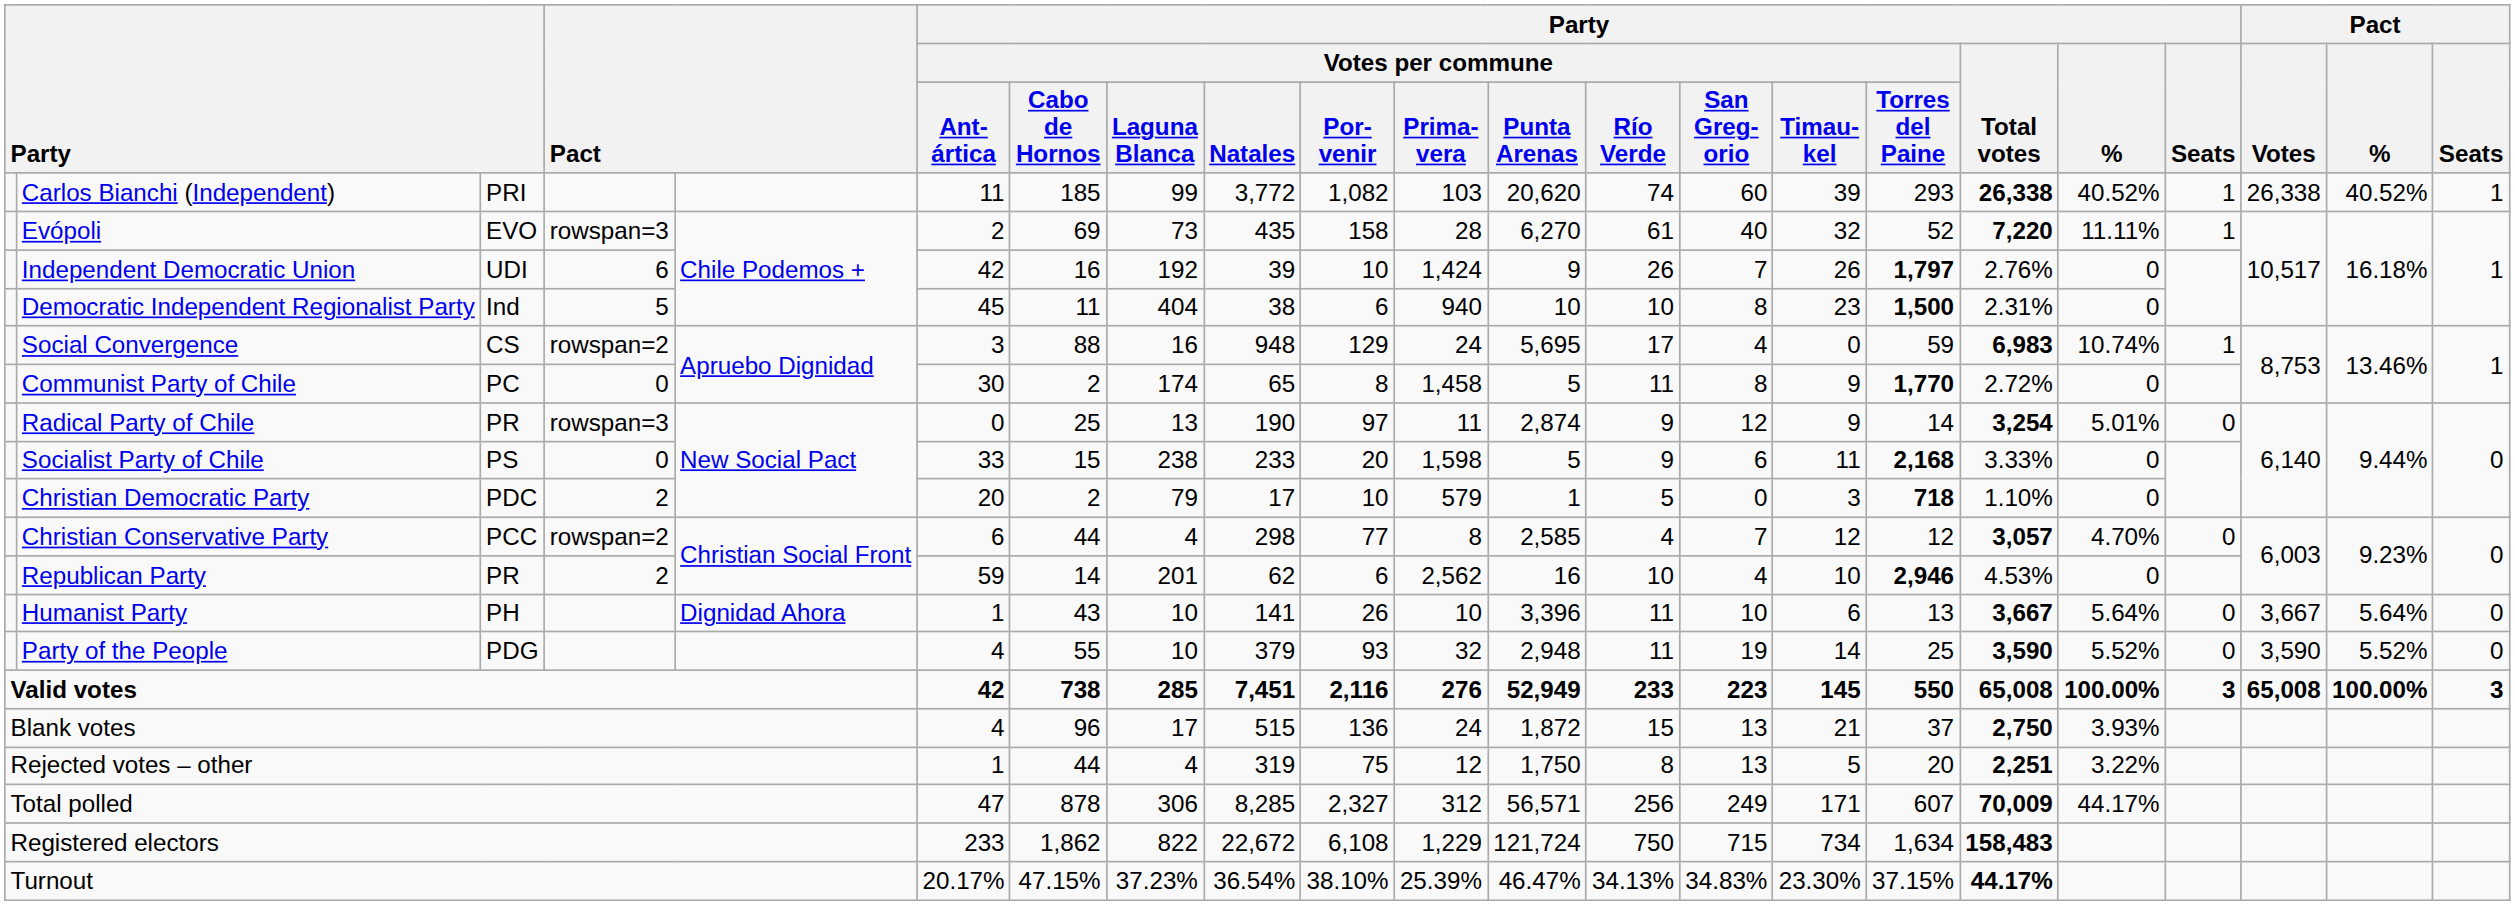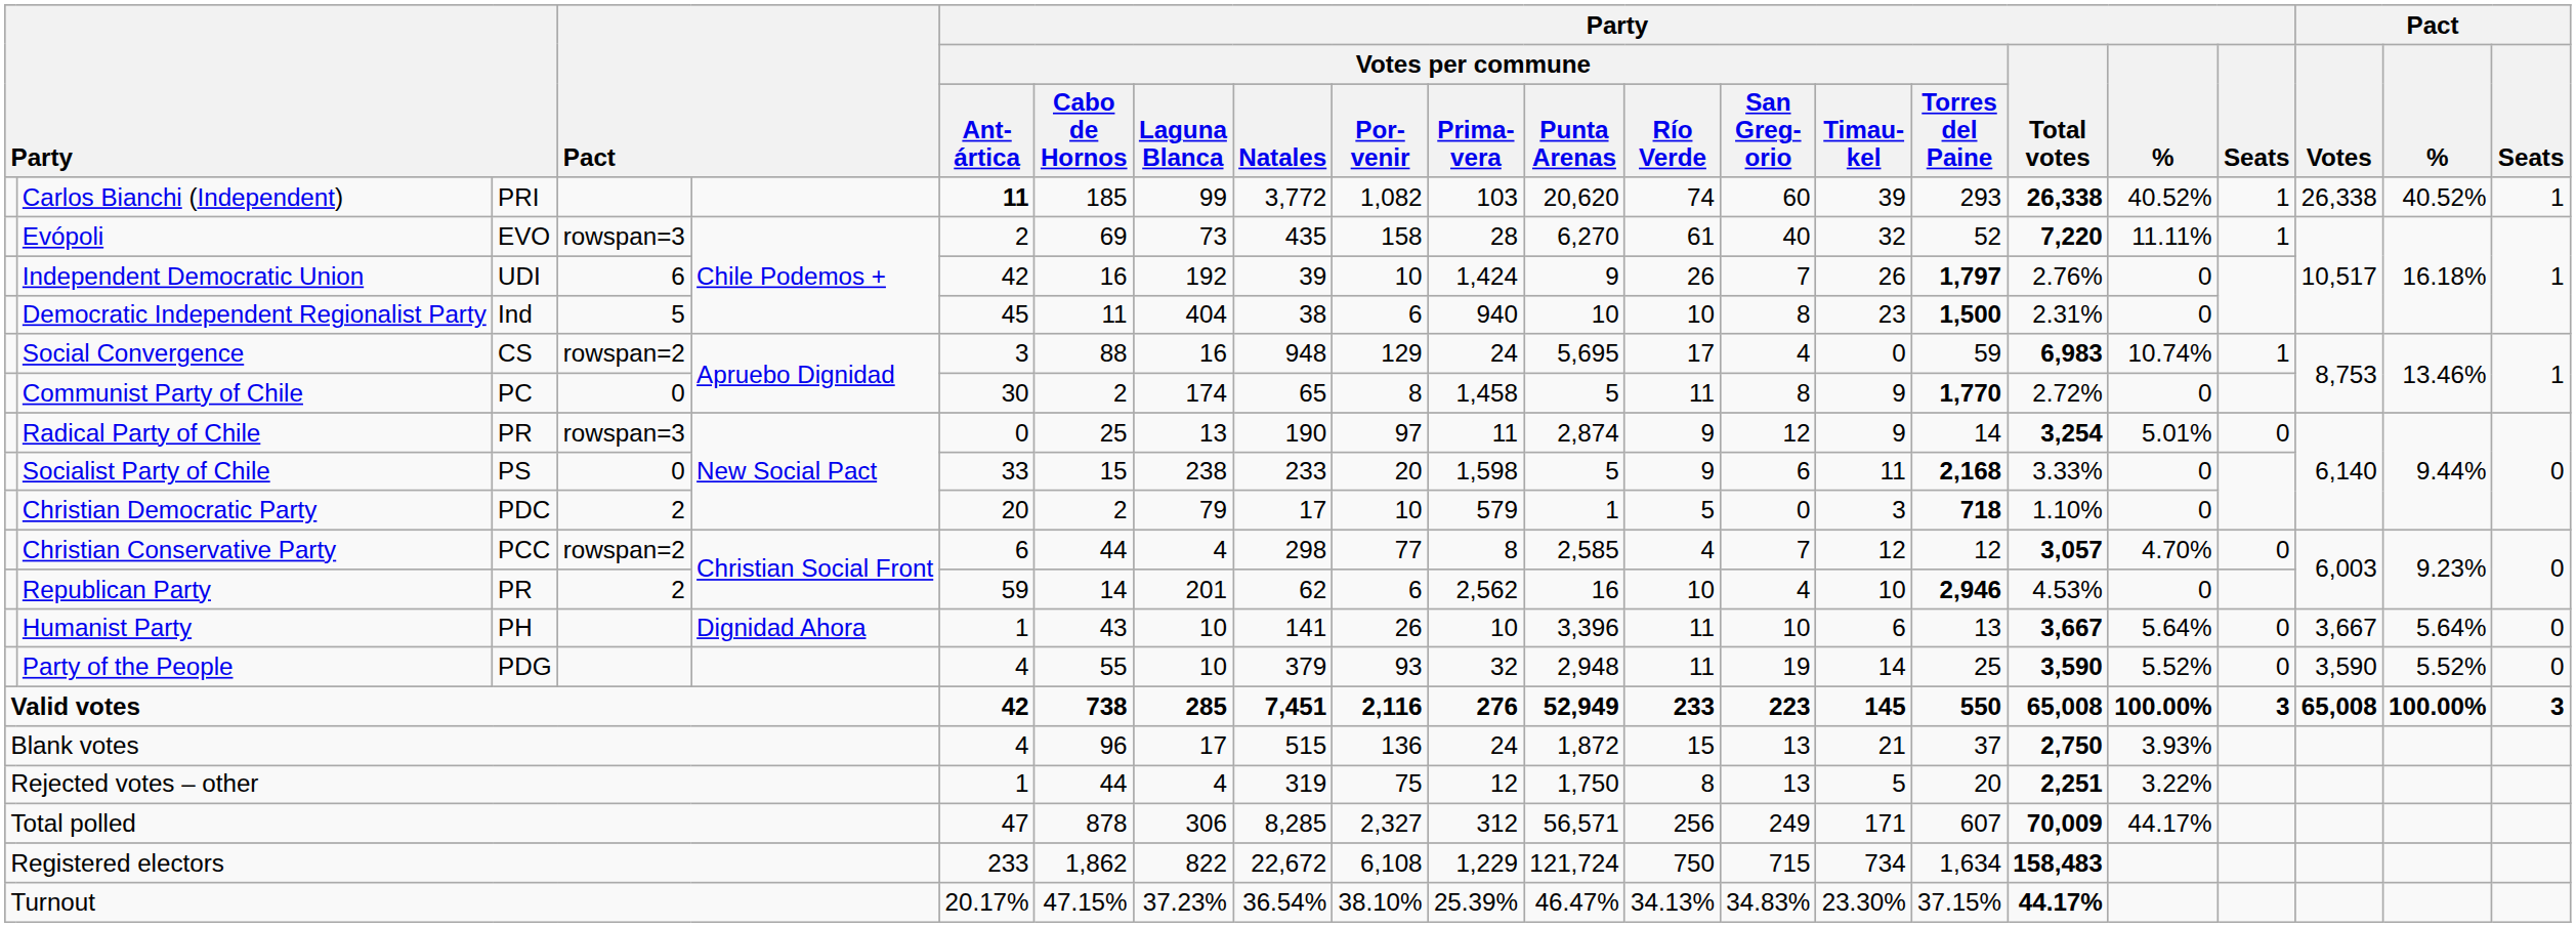 <table class="wikitable" border="1" style="font-size:90%; text-align:right; white-space: nowrap;">
 <tr>
 <th style="text-align:left;" valign=bottom rowspan=3 colspan=3>Party</th>
 <th style="text-align:left;" valign=bottom rowspan=3 colspan=2>Pact</th>
 <th colspan=14>Party</th>
 <th colspan=3>Pact</th>
 </tr>
 <tr>
 <th colspan=11>Votes per commune</th>
 <th align=center valign=bottom rowspan=2 width="40">Total<br>votes</th>
 <th align=center valign=bottom rowspan=2 width="40">%</th>
 <th align=center valign=bottom rowspan=2>Seats</th>
 <th align=center valign=bottom rowspan=2 width="40">Votes</th>
 <th align=center valign=bottom rowspan=2 width="40">%</th>
 <th align=center valign=bottom rowspan=2>Seats</th>
 </tr>
 <tr>
 <th align=center valign=bottom width="40"><a href='#'>Ant-<br>ártica</a></th>
 <th align=center valign=bottom width="40"><a href='#'>Cabo<br>de<br>Hornos</a></th>
 <th align=center valign=bottom width="40"><a href='#'>Laguna<br>Blanca</a></th>
 <th align=center valign=bottom width="40"><a href='#'>Natales</a></th>
 <th align=center valign=bottom width="40"><a href='#'>Por-<br>venir</a></th>
 <th align=center valign=bottom width="40"><a href='#'>Prima-<br>vera</a></th>
 <th align=center valign=bottom width="40"><a href='#'>Punta<br>Arenas</a></th>
 <th align=center valign=bottom width="40"><a href='#'>Río<br>Verde</a></th>
 <th align=center valign=bottom width="40"><a href='#'>San<br>Greg-<br>orio</a></th>
 <th align=center valign=bottom width="40"><a href='#'>Timau-<br>kel</a></th>
 <th align=center valign=bottom width="40"><a href='#'>Torres<br>del<br>Paine</a></th>
 </tr>
 <tr>
 <td></td>
 <td align=left><a href='#'>Carlos Bianchi</a> (<a href='#'>Independent</a>)</td>
 <td align=left>PRI</td>
 <td></td>
 <td></td>
-<td>11</td>
+<td><strong>11</strong></td>
 <td>185</td>
 <td>99</td>
 <td>3,772</td>
 <td>1,082</td>
 <td>103</td>
 <td>20,620</td>
 <td>74</td>
 <td>60</td>
 <td>39</td>
 <td>293</td>
 <td><strong>26,338</strong></td>
 <td>40.52%</td>
 <td>1</td>
 <td>26,338</td>
 <td>40.52%</td>
 <td>1</td>
 </tr>
 <tr>
 <td></td>
 <td align=left><a href='#'>Evópoli</a></td>
 <td align=left>EVO</td>
 <td>rowspan=3 </td>
 <td rowspan=3 align=left><a href='#'>Chile Podemos +</a></td>
 <td>2</td>
 <td>69</td>
 <td>73</td>
 <td>435</td>
 <td>158</td>
 <td>28</td>
 <td>6,270</td>
 <td>61</td>
 <td>40</td>
 <td>32</td>
 <td>52</td>
 <td><strong>7,220</strong></td>
 <td>11.11%</td>
 <td>1</td>
 <td rowspan=3>10,517</td>
 <td rowspan=3>16.18%</td>
 <td rowspan=3>1</td>
 </tr>
 <tr>
 <td></td>
 <td align=left><a href='#'>Independent Democratic Union</a></td>
 <td align=left>UDI</td>
 <td>6</td>
 <td>42</td>
 <td>16</td>
 <td>192</td>
 <td>39</td>
 <td>10</td>
 <td>1,424</td>
 <td>9</td>
 <td>26</td>
 <td>7</td>
 <td>26</td>
 <td><strong>1,797</strong></td>
 <td>2.76%</td>
 <td>0</td>
 </tr>
 <tr>
 <td></td>
 <td align=left><a href='#'>Democratic Independent Regionalist Party</a></td>
 <td align=left>Ind</td>
 <td>5</td>
 <td>45</td>
 <td>11</td>
 <td>404</td>
 <td>38</td>
 <td>6</td>
 <td>940</td>
 <td>10</td>
 <td>10</td>
 <td>8</td>
 <td>23</td>
 <td><strong>1,500</strong></td>
 <td>2.31%</td>
 <td>0</td>
 </tr>
 <tr>
 <td></td>
 <td align=left><a href='#'>Social Convergence</a></td>
 <td align=left>CS</td>
 <td>rowspan=2 </td>
 <td rowspan=2 align=left><a href='#'>Apruebo Dignidad</a></td>
 <td>3</td>
 <td>88</td>
 <td>16</td>
 <td>948</td>
 <td>129</td>
 <td>24</td>
 <td>5,695</td>
 <td>17</td>
 <td>4</td>
 <td>0</td>
 <td>59</td>
 <td><strong>6,983</strong></td>
 <td>10.74%</td>
 <td>1</td>
 <td rowspan=2>8,753</td>
 <td rowspan=2>13.46%</td>
 <td rowspan=2>1</td>
 </tr>
 <tr>
 <td></td>
 <td align=left><a href='#'>Communist Party of Chile</a></td>
 <td align=left>PC</td>
 <td>0</td>
 <td>30</td>
 <td>2</td>
 <td>174</td>
 <td>65</td>
 <td>8</td>
 <td>1,458</td>
 <td>5</td>
 <td>11</td>
 <td>8</td>
 <td>9</td>
 <td><strong>1,770</strong></td>
 <td>2.72%</td>
 <td>0</td>
 </tr>
 <tr>
 <td></td>
 <td align=left><a href='#'>Radical Party of Chile</a></td>
 <td align=left>PR</td>
 <td>rowspan=3 </td>
 <td rowspan=3 align=left><a href='#'>New Social Pact</a></td>
 <td>0</td>
 <td>25</td>
 <td>13</td>
 <td>190</td>
 <td>97</td>
 <td>11</td>
 <td>2,874</td>
 <td>9</td>
 <td>12</td>
 <td>9</td>
 <td>14</td>
 <td><strong>3,254</strong></td>
 <td>5.01%</td>
 <td>0</td>
 <td rowspan=3>6,140</td>
 <td rowspan=3>9.44%</td>
 <td rowspan=3>0</td>
 </tr>
 <tr>
 <td></td>
 <td align=left><a href='#'>Socialist Party of Chile</a></td>
 <td align=left>PS</td>
 <td>0</td>
 <td>33</td>
 <td>15</td>
 <td>238</td>
 <td>233</td>
 <td>20</td>
 <td>1,598</td>
 <td>5</td>
 <td>9</td>
 <td>6</td>
 <td>11</td>
 <td><strong>2,168</strong></td>
 <td>3.33%</td>
 <td>0</td>
 </tr>
 <tr>
 <td></td>
 <td align=left><a href='#'>Christian Democratic Party</a></td>
 <td align=left>PDC</td>
 <td>2</td>
 <td>20</td>
 <td>2</td>
 <td>79</td>
 <td>17</td>
 <td>10</td>
 <td>579</td>
 <td>1</td>
 <td>5</td>
 <td>0</td>
 <td>3</td>
 <td><strong>718</strong></td>
 <td>1.10%</td>
 <td>0</td>
 </tr>
 <tr>
 <td></td>
 <td align=left><a href='#'>Christian Conservative Party</a></td>
 <td align=left>PCC</td>
 <td>rowspan=2 </td>
 <td rowspan=2 align=left><a href='#'>Christian Social Front</a></td>
 <td>6</td>
 <td>44</td>
 <td>4</td>
 <td>298</td>
 <td>77</td>
 <td>8</td>
 <td>2,585</td>
 <td>4</td>
 <td>7</td>
 <td>12</td>
 <td>12</td>
 <td><strong>3,057</strong></td>
 <td>4.70%</td>
 <td>0</td>
 <td rowspan=2>6,003</td>
 <td rowspan=2>9.23%</td>
 <td rowspan=2>0</td>
 </tr>
 <tr>
 <td></td>
 <td align=left><a href='#'>Republican Party</a></td>
 <td align=left>PR</td>
 <td>2</td>
 <td>59</td>
 <td>14</td>
 <td>201</td>
 <td>62</td>
 <td>6</td>
 <td>2,562</td>
 <td>16</td>
 <td>10</td>
 <td>4</td>
 <td>10</td>
 <td><strong>2,946</strong></td>
 <td>4.53%</td>
 <td>0</td>
 </tr>
 <tr>
 <td></td>
 <td align=left><a href='#'>Humanist Party</a></td>
 <td align=left>PH</td>
 <td></td>
 <td align=left><a href='#'>Dignidad Ahora</a></td>
 <td>1</td>
 <td>43</td>
 <td>10</td>
 <td>141</td>
 <td>26</td>
 <td>10</td>
 <td>3,396</td>
 <td>11</td>
 <td>10</td>
 <td>6</td>
 <td>13</td>
 <td><strong>3,667</strong></td>
 <td>5.64%</td>
 <td>0</td>
 <td>3,667</td>
 <td>5.64%</td>
 <td>0</td>
 </tr>
 <tr>
 <td></td>
 <td align=left><a href='#'>Party of the People</a></td>
 <td align=left>PDG</td>
 <td></td>
 <td></td>
 <td>4</td>
 <td>55</td>
 <td>10</td>
 <td>379</td>
 <td>93</td>
 <td>32</td>
 <td>2,948</td>
 <td>11</td>
 <td>19</td>
 <td>14</td>
 <td>25</td>
 <td><strong>3,590</strong></td>
 <td>5.52%</td>
 <td>0</td>
 <td>3,590</td>
 <td>5.52%</td>
 <td>0</td>
 </tr>
 <tr style="font-weight:bold">
 <td align=left colspan=5>Valid votes</td>
 <td>42</td>
 <td>738</td>
 <td>285</td>
 <td>7,451</td>
 <td>2,116</td>
 <td>276</td>
 <td>52,949</td>
 <td>233</td>
 <td>223</td>
 <td>145</td>
 <td>550</td>
 <td>65,008</td>
 <td>100.00%</td>
 <td>3</td>
 <td>65,008</td>
 <td>100.00%</td>
 <td>3</td>
 </tr>
 <tr>
 <td align=left colspan=5>Blank votes</td>
 <td>4</td>
 <td>96</td>
 <td>17</td>
 <td>515</td>
 <td>136</td>
 <td>24</td>
 <td>1,872</td>
 <td>15</td>
 <td>13</td>
 <td>21</td>
 <td>37</td>
 <td><strong>2,750</strong></td>
 <td>3.93%</td>
 <td></td>
 <td></td>
 <td></td>
 <td></td>
 </tr>
 <tr>
 <td align=left colspan=5>Rejected votes – other</td>
 <td>1</td>
 <td>44</td>
 <td>4</td>
 <td>319</td>
 <td>75</td>
 <td>12</td>
 <td>1,750</td>
 <td>8</td>
 <td>13</td>
 <td>5</td>
 <td>20</td>
 <td><strong>2,251</strong></td>
 <td>3.22%</td>
 <td></td>
 <td></td>
 <td></td>
 <td></td>
 </tr>
 <tr>
 <td align=left colspan=5>Total polled</td>
 <td>47</td>
 <td>878</td>
 <td>306</td>
 <td>8,285</td>
 <td>2,327</td>
 <td>312</td>
 <td>56,571</td>
 <td>256</td>
 <td>249</td>
 <td>171</td>
 <td>607</td>
 <td><strong>70,009</strong></td>
 <td>44.17%</td>
 <td></td>
 <td></td>
 <td></td>
 <td></td>
 </tr>
 <tr>
 <td align=left colspan=5>Registered electors</td>
 <td>233</td>
 <td>1,862</td>
 <td>822</td>
 <td>22,672</td>
 <td>6,108</td>
 <td>1,229</td>
 <td>121,724</td>
 <td>750</td>
 <td>715</td>
 <td>734</td>
 <td>1,634</td>
 <td><strong>158,483</strong></td>
 <td></td>
 <td></td>
 <td></td>
 <td></td>
 <td></td>
 </tr>
 <tr>
 <td align=left colspan=5>Turnout</td>
 <td>20.17%</td>
 <td>47.15%</td>
 <td>37.23%</td>
 <td>36.54%</td>
 <td>38.10%</td>
 <td>25.39%</td>
 <td>46.47%</td>
 <td>34.13%</td>
 <td>34.83%</td>
 <td>23.30%</td>
 <td>37.15%</td>
 <td><strong>44.17%</strong></td>
 <td></td>
 <td></td>
 <td></td>
 <td></td>
 <td></td>
 </tr>
 </table>
